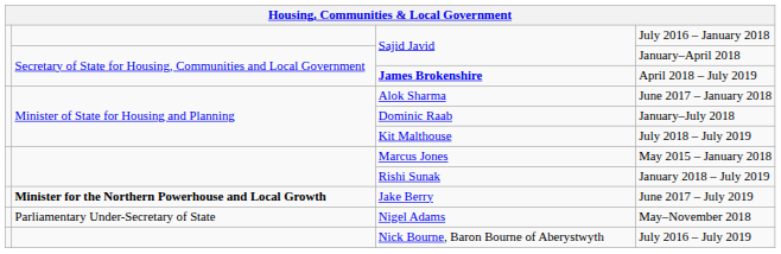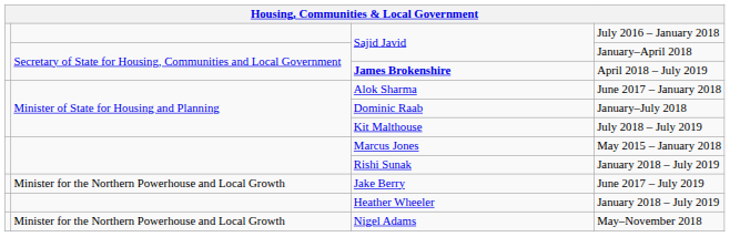 <table class="wikitable">
 <tr>
 <th colspan="4"><a href='#'>Housing, Communities & Local Government</a> <br></th>
 </tr>
 <tr>
 <td rowspan="3" style="width: 1px; background: "></td>
 <td style="width: 450px;"></td>
 <td rowspan="2" style="width: 320px;"><a href='#'>Sajid Javid</a></td>
 <td>July 2016 – January 2018</td>
 </tr>
 <tr>
 <td rowspan=2><a href='#'>Secretary of State for Housing, Communities and Local Government</a></td>
 <td>January–April 2018</td>
 </tr>
 <tr>
 <td><strong><a href='#'>James Brokenshire</a></strong></td>
 <td>April 2018 – July 2019</td>
 </tr>
 <tr>
 <td rowspan="3" style="width: 1px; background: "></td>
 <td rowspan="3" style="width: 450px;"><a href='#'>Minister of State for Housing and Planning</a></td>
 <td style="width: 320px;"><a href='#'>Alok Sharma</a></td>
 <td>June 2017 – January 2018</td>
 </tr>
 <tr>
 <td><a href='#'>Dominic Raab</a></td>
 <td>January–July 2018</td>
 </tr>
 <tr>
 <td><a href='#'>Kit Malthouse</a></td>
 <td>July 2018 – July 2019</td>
 </tr>
 <tr>
 <td rowspan="2" style="width: 1px; background: "></td>
 <td rowspan="2"></td>
 <td><a href='#'>Marcus Jones</a></td>
 <td>May 2015 – January 2018</td>
 </tr>
 <tr>
 <td><a href='#'>Rishi Sunak</a></td>
 <td>January 2018 – July 2019</td>
 </tr>
 <tr>
 <td style="width: 1px; background: "></td>
-<td><strong>Minister for the Northern Powerhouse and Local Growth<br></strong></td>
+<td>Minister for the Northern Powerhouse and Local Growth<br></td>
 <td><a href='#'>Jake Berry</a></td>
 <td>June 2017 – July 2019</td>
 </tr>
 <tr>
 <td style="width: 1px; background: "></td>
-<td>Parliamentary Under-Secretary of State</td>
+<td></td>
+<td><a href='#'>Heather Wheeler</a></td>
+<td>January 2018 – July 2019</td>
+</tr>
+<tr>
+<td style="width: 1px; background: "></td>
+<td>Minister for the Northern Powerhouse and Local Growth<br></td>
 <td><a href='#'>Nigel Adams</a><br></td>
 <td>May–November 2018</td>
 </tr>
-<tr>
-<td style="width: 1px; background: "></td>
-<td></td>
-<td><a href='#'>Nick Bourne</a>, Baron Bourne of Aberystwyth<br></td>
-<td>July 2016 – July 2019</td>
-</tr>
 </table>
